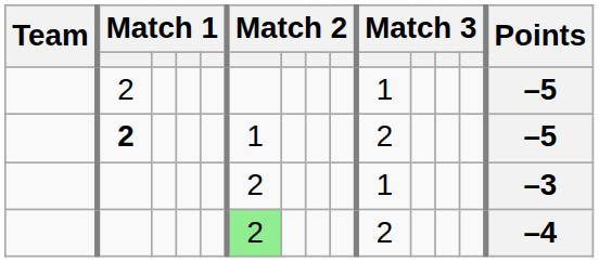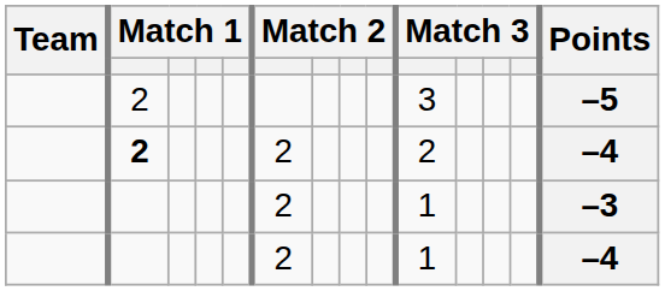 <table class="wikitable sortable" style="text-align:center;">
 <tr>
 <th rowspan=2>Team</th>
 <th colspan=4 style="border-left:3px solid gray">Match 1</th>
 <th colspan=4 style="border-left:3px solid gray">Match 2</th>
 <th colspan=4 style="border-left:3px solid gray">Match 3</th>
 <th rowspan=2 style="border-left:3px solid gray">Points</th>
 </tr>
 <tr>
 <th style="border-left:3px solid gray"></th>
 <th></th>
 <th></th>
 <th></th>
 <th style="border-left:3px solid gray"></th>
 <th></th>
 <th></th>
 <th></th>
 <th style="border-left:3px solid gray"></th>
 <th></th>
 <th></th>
 <th></th>
 </tr>
 <tr>
 <td align=left></td>
 <td style="border-left:3px solid gray">2</td>
 <td></td>
 <td></td>
 <td></td>
 <td style="border-left:3px solid gray"></td>
 <td></td>
 <td></td>
 <td></td>
-<td style="border-left:3px solid gray">1</td>
+<td style="border-left:3px solid gray">3</td>
 <td></td>
 <td></td>
 <td></td>
 <th style="border-left:3px solid gray">–5</th>
 </tr>
 <tr>
 <td align=left></td>
 <td style="border-left:3px solid gray"><strong>2</strong></td>
 <td></td>
 <td></td>
 <td></td>
-<td style="border-left:3px solid gray">1</td>
+<td style="border-left:3px solid gray">2</td>
 <td></td>
 <td></td>
 <td></td>
 <td style="border-left:3px solid gray">2</td>
 <td></td>
 <td></td>
 <td></td>
-<th style="border-left:3px solid gray">–5</th>
+<th style="border-left:3px solid gray">–4</th>
 </tr>
 <tr>
 <td align=left></td>
 <td style="border-left:3px solid gray"></td>
 <td></td>
 <td></td>
 <td></td>
 <td style="border-left:3px solid gray">2</td>
 <td></td>
 <td></td>
 <td></td>
 <td style="border-left:3px solid gray">1</td>
 <td></td>
 <td></td>
 <td></td>
 <th style="border-left:3px solid gray">–3</th>
 </tr>
 <tr>
 <td align=left></td>
 <td style="border-left:3px solid gray"></td>
 <td></td>
 <td></td>
 <td></td>
-<td style="background: lightgreen; border-left:3px solid gray">2</td>
+<td style="border-left:3px solid gray">2</td>
 <td></td>
 <td></td>
 <td></td>
-<td style="border-left:3px solid gray">2</td>
+<td style="border-left:3px solid gray">1</td>
 <td></td>
 <td></td>
 <td></td>
 <th style="border-left:3px solid gray">–4</th>
 </tr>
 </table>
